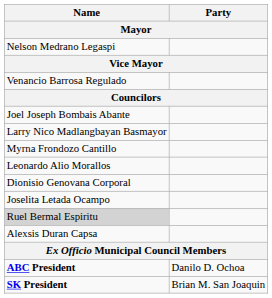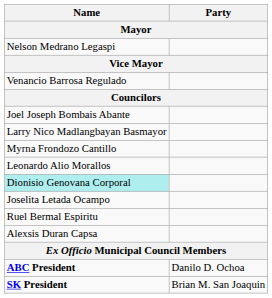 <table class=wikitable>
 <tr>
 <th>Name</th>
 <th colspan=2>Party</th>
 </tr>
 <tr>
 <th colspan=3>Mayor</th>
 </tr>
 <tr>
 <td>Nelson Medrano Legaspi</td>
 <td></td>
 </tr>
 <tr>
 <th colspan=3>Vice Mayor</th>
 </tr>
 <tr>
 <td>Venancio Barrosa Regulado</td>
 <td></td>
 </tr>
 <tr>
 <th colspan=3>Councilors</th>
 </tr>
 <tr>
 <td>Joel Joseph Bombais Abante</td>
 <td></td>
 </tr>
 <tr>
 <td>Larry Nico Madlangbayan Basmayor</td>
 <td></td>
 </tr>
 <tr>
 <td>Myrna Frondozo Cantillo</td>
 <td></td>
 </tr>
 <tr>
 <td>Leonardo Alio Morallos</td>
 <td></td>
 </tr>
 <tr>
-<td>Dionisio Genovana Corporal</td>
+<td style="background: paleturquoise;">Dionisio Genovana Corporal</td>
 <td></td>
 </tr>
 <tr>
 <td>Joselita Letada Ocampo</td>
 <td></td>
 </tr>
 <tr>
-<td style="background: lightgrey;">Ruel Bermal Espiritu</td>
+<td>Ruel Bermal Espiritu</td>
 <td></td>
 </tr>
 <tr>
 <td>Alexsis Duran Capsa</td>
 <td></td>
 </tr>
 <tr>
 <th colspan=4><em>Ex Officio</em> Municipal Council Members</th>
 </tr>
 <tr>
 <td><strong><a href='#'>ABC</a> President</strong></td>
 <td colspan=3>Danilo D. Ochoa<br></td>
 </tr>
 <tr>
 <td><strong><a href='#'>SK</a> President</strong></td>
 <td colspan=3>Brian M. San Joaquin<br></td>
 </tr>
 </table>
